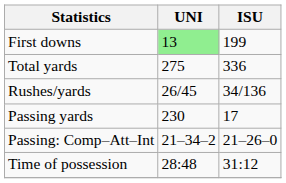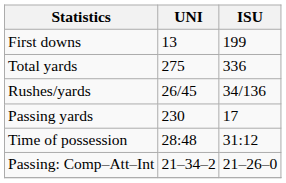 <table class="wikitable" style="float: left;">
 <tr>
 <th>Statistics</th>
 <th>UNI</th>
 <th>ISU</th>
 </tr>
 <tr>
 <td>First downs</td>
-<td style="background: lightgreen;">13</td>
+<td>13</td>
 <td>199</td>
 </tr>
 <tr>
 <td>Total yards</td>
 <td>275</td>
 <td>336</td>
 </tr>
 <tr>
 <td>Rushes/yards</td>
 <td>26/45</td>
 <td>34/136</td>
 </tr>
 <tr>
 <td>Passing yards</td>
 <td>230</td>
 <td>17</td>
 </tr>
 <tr>
+<td>Time of possession</td>
+<td>28:48</td>
+<td>31:12</td>
+</tr>
+<tr>
 <td>Passing: Comp–Att–Int</td>
 <td>21–34–2</td>
 <td>21–26–0</td>
 </tr>
 <tr>
-<td>Time of possession</td>
-<td>28:48</td>
-<td>31:12</td>
-</tr>
-<tr>
 </tr>
 </table>
